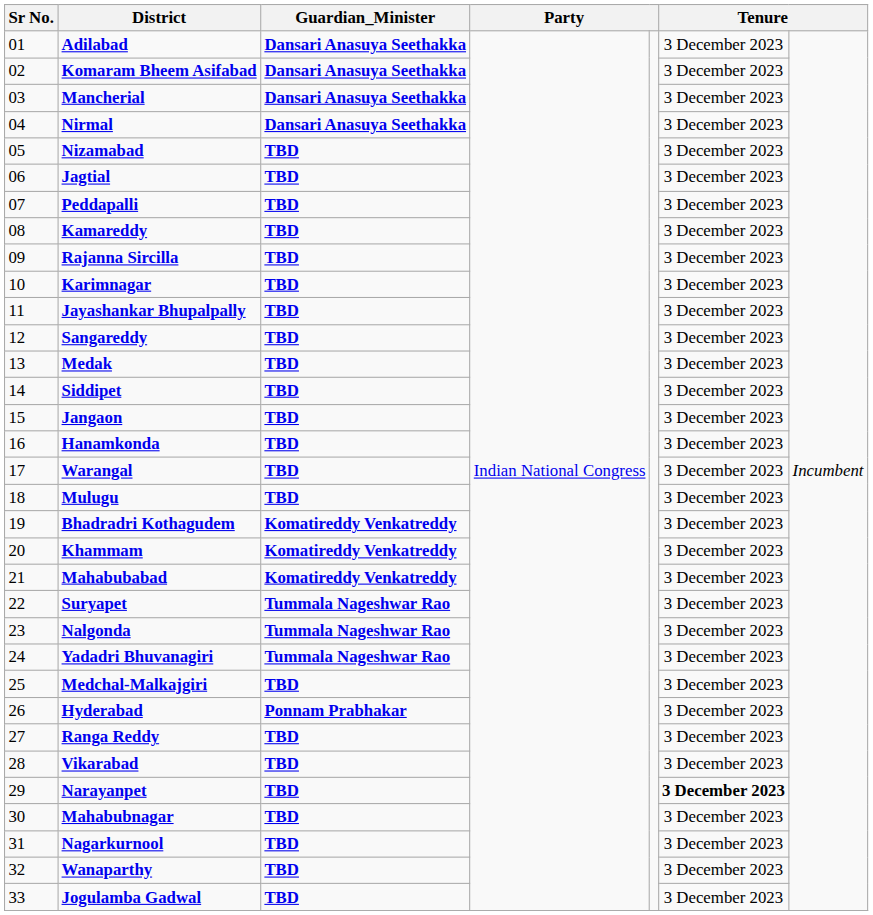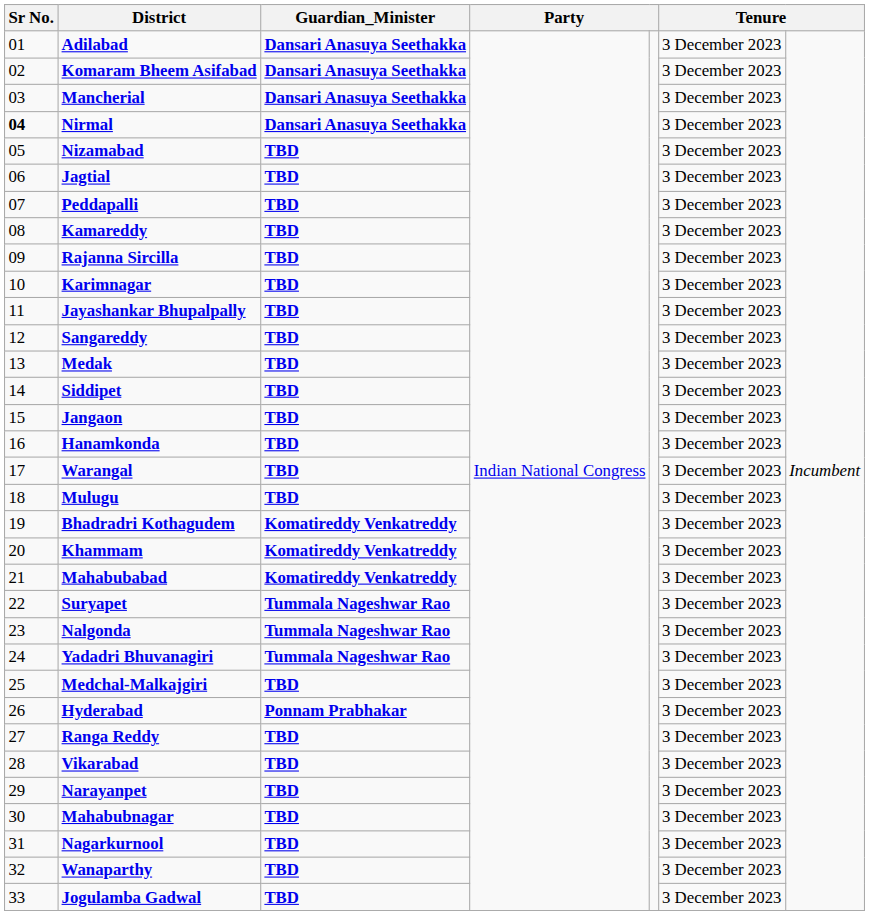 <table class="wikitable">
 <tr>
 <th>Sr No.</th>
 <th>District</th>
 <th>Guardian_Minister</th>
 <th colspan="2" scope="col">Party</th>
 <th colspan="2" scope="col">Tenure</th>
 </tr>
 <tr>
 <td>01</td>
 <td><strong><a href='#'>Adilabad</a></strong></td>
 <td><strong><a href='#'>Dansari Anasuya Seethakka</a></strong></td>
 <td rowspan=33><a href='#'>Indian National Congress</a></td>
 <td rowspan=33 style="width:1px; background-color: "></td>
 <td style="text-align:center;">3 December 2023</td>
 <td rowspan="33"style="text-align:center;"><em>Incumbent</em></td>
 </tr>
 <tr>
 <td>02</td>
 <td><strong><a href='#'>Komaram Bheem Asifabad</a></strong></td>
 <td><strong><a href='#'>Dansari Anasuya Seethakka</a></strong></td>
 <td style="text-align:center;">3 December 2023</td>
 </tr>
 <tr>
 <td>03</td>
 <td><strong><a href='#'>Mancherial</a></strong></td>
 <td><strong><a href='#'>Dansari Anasuya Seethakka</a></strong></td>
 <td style="text-align:center;">3 December 2023</td>
 </tr>
 <tr>
-<td>04</td>
+<td><strong>04</strong></td>
 <td><strong><a href='#'>Nirmal</a></strong></td>
 <td><strong><a href='#'>Dansari Anasuya Seethakka</a></strong></td>
 <td style="text-align:center;">3 December 2023</td>
 </tr>
 <tr>
 <td>05</td>
 <td><strong><a href='#'>Nizamabad</a></strong></td>
 <td><strong><a href='#'>TBD</a></strong></td>
 <td style="text-align:center;">3 December 2023</td>
 </tr>
 <tr>
 <td>06</td>
 <td><strong><a href='#'>Jagtial</a></strong></td>
 <td><strong><a href='#'>TBD</a></strong></td>
 <td style="text-align:center;">3 December 2023</td>
 </tr>
 <tr>
 <td>07</td>
 <td><strong><a href='#'>Peddapalli</a></strong></td>
 <td><strong><a href='#'>TBD</a></strong></td>
 <td style="text-align:center;">3 December 2023</td>
 </tr>
 <tr>
 <td>08</td>
 <td><strong><a href='#'>Kamareddy</a></strong></td>
 <td><strong><a href='#'>TBD</a></strong></td>
 <td style="text-align:center;">3 December 2023</td>
 </tr>
 <tr>
 <td>09</td>
 <td><strong><a href='#'>Rajanna Sircilla</a></strong></td>
 <td><strong><a href='#'>TBD</a></strong></td>
 <td style="text-align:center;">3 December 2023</td>
 </tr>
 <tr>
 <td>10</td>
 <td><strong><a href='#'>Karimnagar</a></strong></td>
 <td><strong><a href='#'>TBD</a></strong></td>
 <td style="text-align:center;">3 December 2023</td>
 </tr>
 <tr>
 <td>11</td>
 <td><strong><a href='#'>Jayashankar Bhupalpally</a></strong></td>
 <td><strong><a href='#'>TBD</a></strong></td>
 <td style="text-align:center;">3 December 2023</td>
 </tr>
 <tr>
 <td>12</td>
 <td><strong><a href='#'>Sangareddy</a></strong></td>
 <td><strong><a href='#'>TBD</a></strong></td>
 <td style="text-align:center;">3 December 2023</td>
 </tr>
 <tr>
 <td>13</td>
 <td><strong><a href='#'>Medak</a></strong></td>
 <td><strong><a href='#'>TBD</a></strong></td>
 <td style="text-align:center;">3 December 2023</td>
 </tr>
 <tr>
 <td>14</td>
 <td><strong><a href='#'>Siddipet</a></strong></td>
 <td><strong><a href='#'>TBD</a></strong></td>
 <td style="text-align:center;">3 December 2023</td>
 </tr>
 <tr>
 <td>15</td>
 <td><strong><a href='#'>Jangaon</a></strong></td>
 <td><strong><a href='#'>TBD</a></strong></td>
 <td style="text-align:center;">3 December 2023</td>
 </tr>
 <tr>
 <td>16</td>
 <td><strong><a href='#'>Hanamkonda</a></strong></td>
 <td><strong><a href='#'>TBD</a></strong></td>
 <td style="text-align:center;">3 December 2023</td>
 </tr>
 <tr>
 <td>17</td>
 <td><strong><a href='#'>Warangal</a></strong></td>
 <td><strong><a href='#'>TBD</a></strong></td>
 <td style="text-align:center;">3 December 2023</td>
 </tr>
 <tr>
 <td>18</td>
 <td><strong><a href='#'>Mulugu</a></strong></td>
 <td><strong><a href='#'>TBD</a></strong></td>
 <td style="text-align:center;">3 December 2023</td>
 </tr>
 <tr>
 <td>19</td>
 <td><strong><a href='#'>Bhadradri Kothagudem</a></strong></td>
 <td><strong><a href='#'>Komatireddy Venkatreddy</a></strong></td>
 <td style="text-align:center;">3 December 2023</td>
 </tr>
 <tr>
 <td>20</td>
 <td><strong><a href='#'>Khammam</a></strong></td>
 <td><strong><a href='#'>Komatireddy Venkatreddy</a></strong></td>
 <td style="text-align:center;">3 December 2023</td>
 </tr>
 <tr>
 <td>21</td>
 <td><strong><a href='#'>Mahabubabad</a></strong></td>
 <td><strong><a href='#'>Komatireddy Venkatreddy</a></strong></td>
 <td style="text-align:center;">3 December 2023</td>
 </tr>
 <tr>
 <td>22</td>
 <td><strong><a href='#'>Suryapet</a></strong></td>
 <td><strong><a href='#'>Tummala Nageshwar Rao</a></strong></td>
 <td style="text-align:center;">3 December 2023</td>
 </tr>
 <tr>
 <td>23</td>
 <td><strong><a href='#'>Nalgonda</a></strong></td>
 <td><strong><a href='#'>Tummala Nageshwar Rao</a></strong></td>
 <td style="text-align:center;">3 December 2023</td>
 </tr>
 <tr>
 <td>24</td>
 <td><strong><a href='#'>Yadadri Bhuvanagiri</a></strong></td>
 <td><strong><a href='#'>Tummala Nageshwar Rao</a></strong></td>
 <td style="text-align:center;">3 December 2023</td>
 </tr>
 <tr>
 <td>25</td>
 <td><strong><a href='#'>Medchal-Malkajgiri</a></strong></td>
 <td><strong><a href='#'>TBD</a></strong></td>
 <td style="text-align:center;">3 December 2023</td>
 </tr>
 <tr>
 <td>26</td>
 <td><strong><a href='#'>Hyderabad</a></strong></td>
 <td><strong><a href='#'>Ponnam Prabhakar </a></strong></td>
 <td style="text-align:center;">3 December 2023</td>
 </tr>
 <tr>
 <td>27</td>
 <td><strong><a href='#'>Ranga Reddy</a></strong></td>
 <td><strong><a href='#'>TBD</a></strong></td>
 <td style="text-align:center;">3 December 2023</td>
 </tr>
 <tr>
 <td>28</td>
 <td><strong><a href='#'>Vikarabad</a></strong></td>
 <td><strong><a href='#'>TBD</a></strong></td>
 <td style="text-align:center;">3 December 2023</td>
 </tr>
 <tr>
 <td>29</td>
 <td><strong><a href='#'>Narayanpet</a></strong></td>
 <td><strong><a href='#'>TBD</a></strong></td>
-<td style="text-align:center;"><strong>3 December 2023</strong></td>
+<td style="text-align:center;">3 December 2023</td>
 </tr>
 <tr>
 <td>30</td>
 <td><strong><a href='#'>Mahabubnagar</a></strong></td>
 <td><strong><a href='#'>TBD</a></strong></td>
 <td style="text-align:center;">3 December 2023</td>
 </tr>
 <tr>
 <td>31</td>
 <td><strong><a href='#'>Nagarkurnool</a></strong></td>
 <td><strong><a href='#'>TBD</a></strong></td>
 <td style="text-align:center;">3 December 2023</td>
 </tr>
 <tr>
 <td>32</td>
 <td><strong><a href='#'>Wanaparthy</a></strong></td>
 <td><strong><a href='#'>TBD</a></strong></td>
 <td style="text-align:center;">3 December 2023</td>
 </tr>
 <tr>
 <td>33</td>
 <td><strong><a href='#'>Jogulamba Gadwal</a></strong></td>
 <td><strong><a href='#'>TBD</a></strong></td>
 <td style="text-align:center;">3 December 2023</td>
 </tr>
 <tr>
 </tr>
 </table>
